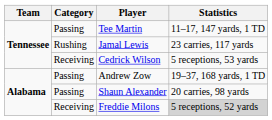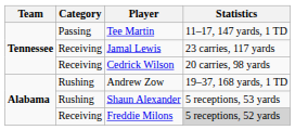 <table class="wikitable" style="float: right;">
 <tr>
 <th>Team</th>
 <th>Category</th>
 <th>Player</th>
 <th>Statistics</th>
 </tr>
 <tr>
 <td rowspan=3><strong>Tennessee</strong></td>
 <td>Passing</td>
 <td><a href='#'>Tee Martin</a></td>
 <td>11–17, 147 yards, 1 TD</td>
 </tr>
 <tr>
-<td>Rushing</td>
+<td>Receiving</td>
 <td><a href='#'>Jamal Lewis</a></td>
 <td>23 carries, 117 yards</td>
 </tr>
 <tr>
 <td>Receiving</td>
 <td><a href='#'>Cedrick Wilson</a></td>
-<td>5 receptions, 53 yards</td>
+<td>20 carries, 98 yards</td>
 </tr>
 <tr>
 <td rowspan=3><strong>Alabama</strong></td>
-<td>Passing</td>
+<td>Rushing</td>
 <td>Andrew Zow</td>
 <td>19–37, 168 yards, 1 TD</td>
 </tr>
 <tr>
-<td>Passing</td>
+<td>Rushing</td>
 <td><a href='#'>Shaun Alexander</a></td>
-<td>20 carries, 98 yards</td>
+<td>5 receptions, 53 yards</td>
 </tr>
 <tr>
 <td>Receiving</td>
 <td><a href='#'>Freddie Milons</a></td>
 <td style="background: lightgrey;">5 receptions, 52 yards</td>
 </tr>
 </table>
